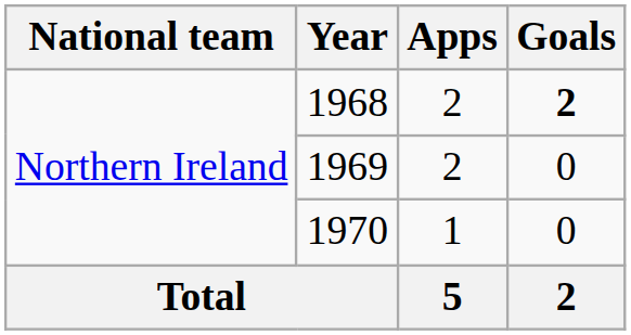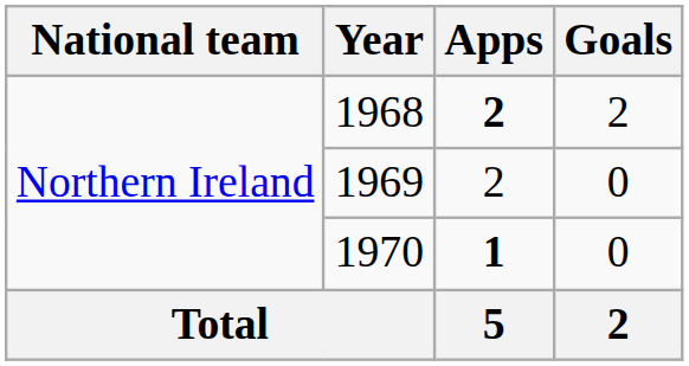 <table class="wikitable" style="text-align:center">
 <tr>
 <th>National team</th>
 <th>Year</th>
 <th>Apps</th>
 <th>Goals</th>
 </tr>
 <tr>
 <td rowspan="3"><a href='#'>Northern Ireland</a></td>
 <td>1968</td>
+<td><strong>2</strong></td>
 <td>2</td>
-<td><strong>2</strong></td>
 </tr>
 <tr>
 <td>1969</td>
 <td>2</td>
 <td>0</td>
 </tr>
 <tr>
 <td>1970</td>
-<td>1</td>
+<td><strong>1</strong></td>
 <td>0</td>
 </tr>
 <tr>
 <th colspan="2">Total</th>
 <th>5</th>
 <th>2</th>
 </tr>
 </table>
